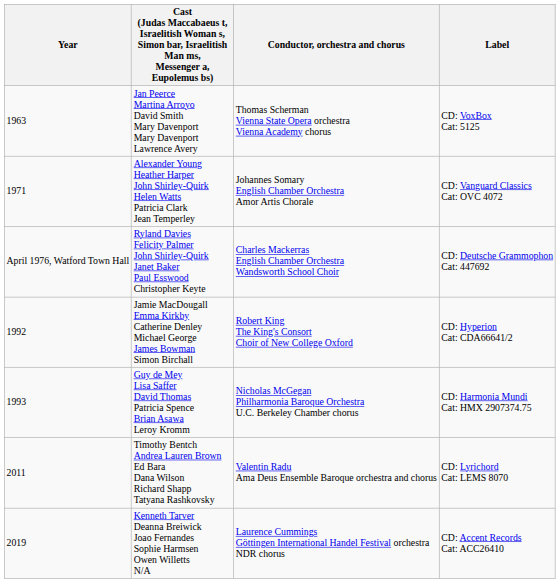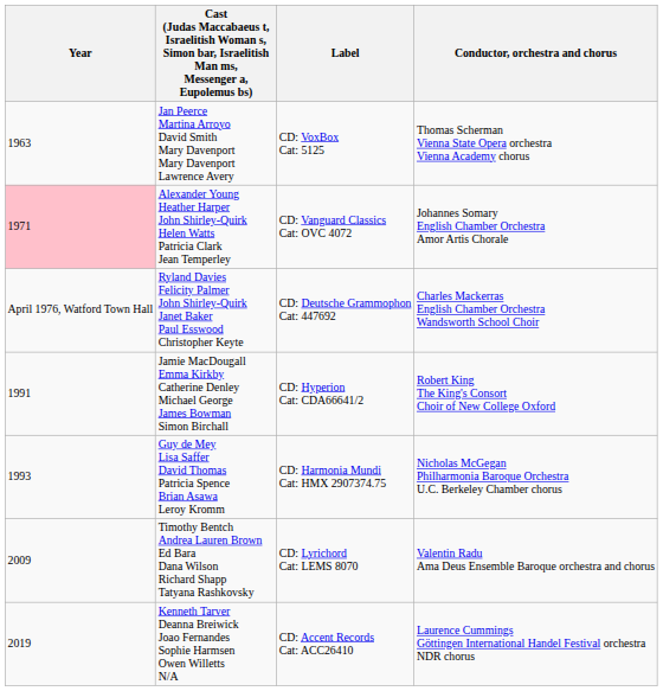 <table class="wikitable">
 <tr>
 <th>Year</th>
 <th Width="160">Cast <br>(Judas Maccabaeus t, Israelitish Woman s,<br>Simon bar, Israelitish Man ms,<br>Messenger a, Eupolemus bs)</th>
+<th>Label</th>
 <th>Conductor, orchestra and chorus</th>
-<th>Label</th>
 </tr>
 <tr>
 <td>1963</td>
 <td><a href='#'>Jan Peerce</a><br><a href='#'>Martina Arroyo</a><br>David Smith<br>Mary Davenport<br>Mary Davenport<br>Lawrence Avery</td>
+<td>CD: <a href='#'>VoxBox</a><br>Cat: 5125</td>
 <td>Thomas Scherman<br><a href='#'>Vienna State Opera</a> orchestra<br><a href='#'>Vienna Academy</a> chorus</td>
-<td>CD: <a href='#'>VoxBox</a><br>Cat: 5125</td>
 </tr>
 <tr>
-<td>1971</td>
+<td style="background: pink;">1971</td>
 <td><a href='#'>Alexander Young</a><br><a href='#'>Heather Harper</a><br><a href='#'>John Shirley-Quirk</a><br><a href='#'>Helen Watts</a><br>Patricia Clark<br>Jean Temperley</td>
+<td>CD: <a href='#'>Vanguard Classics</a><br>Cat: OVC 4072</td>
 <td>Johannes Somary<br><a href='#'>English Chamber Orchestra</a><br>Amor Artis Chorale</td>
-<td>CD: <a href='#'>Vanguard Classics</a><br>Cat: OVC 4072</td>
 </tr>
 <tr>
 <td>April 1976, Watford Town Hall</td>
 <td><a href='#'>Ryland Davies</a><br><a href='#'>Felicity Palmer</a><br><a href='#'>John Shirley-Quirk</a><br><a href='#'>Janet Baker</a><br><a href='#'>Paul Esswood</a><br>Christopher Keyte</td>
+<td>CD: <a href='#'>Deutsche Grammophon</a><br>Cat: 447692</td>
 <td><a href='#'>Charles Mackerras</a><br><a href='#'>English Chamber Orchestra</a><br><a href='#'>Wandsworth School Choir</a></td>
-<td>CD: <a href='#'>Deutsche Grammophon</a><br>Cat: 447692</td>
 </tr>
 <tr>
-<td>1992</td>
+<td>1991</td>
 <td>Jamie MacDougall<br><a href='#'>Emma Kirkby</a><br>Catherine Denley<br>Michael George<br><a href='#'>James Bowman</a><br>Simon Birchall</td>
+<td>CD: <a href='#'>Hyperion</a><br>Cat: CDA66641/2</td>
 <td><a href='#'>Robert King</a><br><a href='#'>The King's Consort</a><br><a href='#'>Choir of New College Oxford</a></td>
-<td>CD: <a href='#'>Hyperion</a><br>Cat: CDA66641/2</td>
 </tr>
 <tr>
 <td>1993</td>
 <td><a href='#'>Guy de Mey</a><br><a href='#'>Lisa Saffer</a><br><a href='#'>David Thomas</a><br>Patricia Spence<br><a href='#'>Brian Asawa</a><br>Leroy Kromm</td>
+<td>CD: <a href='#'>Harmonia Mundi</a><br>Cat: HMX 2907374.75</td>
 <td><a href='#'>Nicholas McGegan</a><br><a href='#'>Philharmonia Baroque Orchestra</a><br>U.C. Berkeley Chamber chorus</td>
-<td>CD: <a href='#'>Harmonia Mundi</a><br>Cat: HMX 2907374.75</td>
 </tr>
 <tr>
-<td>2011</td>
+<td>2009</td>
 <td>Timothy Bentch<br><a href='#'>Andrea Lauren Brown</a><br>Ed Bara<br>Dana Wilson<br>Richard Shapp<br>Tatyana Rashkovsky</td>
+<td>CD: <a href='#'>Lyrichord</a><br>Cat: LEMS 8070</td>
 <td><a href='#'>Valentin Radu</a><br>Ama Deus Ensemble Baroque orchestra and chorus</td>
-<td>CD: <a href='#'>Lyrichord</a><br>Cat: LEMS 8070</td>
 </tr>
 <tr>
 <td>2019</td>
 <td><a href='#'>Kenneth Tarver</a><br>Deanna Breiwick<br>Joao Fernandes<br>Sophie Harmsen<br>Owen Willetts<br>N/A</td>
+<td>CD: <a href='#'>Accent Records</a><br>Cat: ACC26410</td>
 <td><a href='#'>Laurence Cummings</a><br><a href='#'>Göttingen International Handel Festival</a> orchestra<br>NDR chorus</td>
-<td>CD: <a href='#'>Accent Records</a><br>Cat: ACC26410</td>
 </tr>
 </table>
